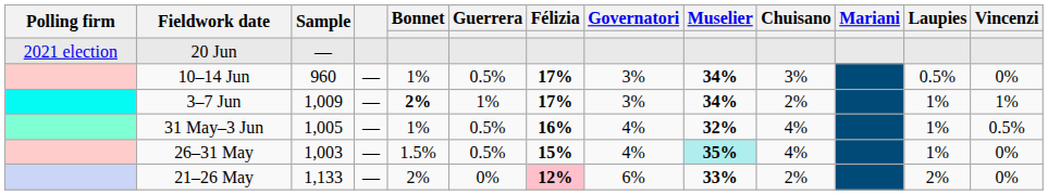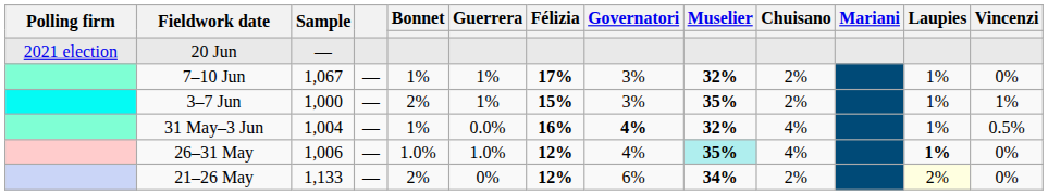 <table class="wikitable" style="text-align:center;font-size:88%;line-height:14px;">
 <tr>
 <th rowspan="2" style="width:100px;">Polling firm</th>
 <th rowspan="2" style="width:120px;">Fieldwork date</th>
 <th rowspan="2" style="width:35px;">Sample</th>
 <th rowspan="2" style="width:20px;"></th>
 <th>Bonnet<br></th>
 <th>Guerrera<br></th>
 <th>Félizia<br></th>
 <th><a href='#'>Governatori</a><br></th>
 <th><a href='#'>Muselier</a><br></th>
 <th>Chuisano<br></th>
 <th><a href='#'>Mariani</a><br></th>
 <th>Laupies<br></th>
 <th>Vincenzi<br></th>
 </tr>
 <tr>
 <th style="background:"></th>
 <th style="background:"></th>
 <th style="background:"></th>
 <th style="background:"></th>
 <th style="background:"></th>
 <th style="background:"></th>
 <th style="background:"></th>
 <th style="background:"></th>
 <th style="background:"></th>
 </tr>
 <tr style="background:#E9E9E9;">
 <td><a href='#'>2021 election</a></td>
 <td data-sort-value="2021-06-20">20 Jun</td>
 <td>—</td>
 <td></td>
 <td></td>
 <td></td>
 <td></td>
 <td></td>
 <td></td>
 <td></td>
 <td></td>
 <td></td>
 <td></td>
 </tr>
 <tr>
-<td style="background:#FFCCCC;"></td>
-<td>10–14 Jun</td>
-<td>960</td>
+<td style="background:aquamarine;"></td>
+<td>7–10 Jun</td>
+<td>1,067</td>
 <td>—</td>
 <td>1%</td>
-<td>0.5%</td>
+<td>1%</td>
 <td><strong>17%</strong></td>
 <td>3%</td>
-<td><strong>34%</strong></td>
-<td>3%</td>
+<td><strong>32%</strong></td>
+<td>2%</td>
 <td style="background:#004A77;"></td>
-<td>0.5%</td>
+<td>1%</td>
 <td>0%</td>
 </tr>
 <tr>
 <td style="background:#04FBF4;"></td>
 <td>3–7 Jun</td>
-<td>1,009</td>
+<td>1,000</td>
 <td>—</td>
-<td><strong>2%</strong></td>
+<td>2%</td>
 <td>1%</td>
-<td><strong>17%</strong></td>
+<td><strong>15%</strong></td>
 <td>3%</td>
-<td><strong>34%</strong></td>
+<td><strong>35%</strong></td>
 <td>2%</td>
 <td style="background:#004A77;"></td>
 <td>1%</td>
 <td>1%</td>
 </tr>
 <tr>
 <td style="background:aquamarine;"></td>
 <td>31 May–3 Jun</td>
-<td>1,005</td>
+<td>1,004</td>
 <td>—</td>
 <td>1%</td>
-<td>0.5%</td>
+<td>0.0%</td>
 <td><strong>16%</strong></td>
-<td>4%</td>
+<td><strong>4%</strong></td>
 <td><strong>32%</strong></td>
 <td>4%</td>
 <td style="background:#004A77;"></td>
 <td>1%</td>
 <td>0.5%</td>
 </tr>
 <tr>
 <td style="background:#FFCCCC;"></td>
 <td>26–31 May</td>
-<td>1,003</td>
+<td>1,006</td>
 <td>—</td>
-<td>1.5%</td>
-<td>0.5%</td>
-<td><strong>15%</strong></td>
+<td>1.0%</td>
+<td>1.0%</td>
+<td><strong>12%</strong></td>
 <td>4%</td>
 <td style="background: paleturquoise;"><strong>35%</strong></td>
 <td>4%</td>
 <td style="background:#004A77;"></td>
-<td>1%</td>
+<td><strong>1%</strong></td>
 <td>0%</td>
 </tr>
 <tr>
 <td style="background:#CAD5F7;"></td>
 <td data-sort-value="2021-05-26">21–26 May</td>
 <td>1,133</td>
 <td>—</td>
 <td>2%</td>
 <td>0%</td>
-<td style="background: pink;"><strong>12%</strong></td>
+<td><strong>12%</strong></td>
 <td>6%</td>
-<td><strong>33%</strong></td>
+<td><strong>34%</strong></td>
 <td>2%</td>
 <td style="background:#004A77;"></td>
-<td>2%</td>
+<td style="background: lightyellow;">2%</td>
 <td>0%</td>
 </tr>
 </table>
